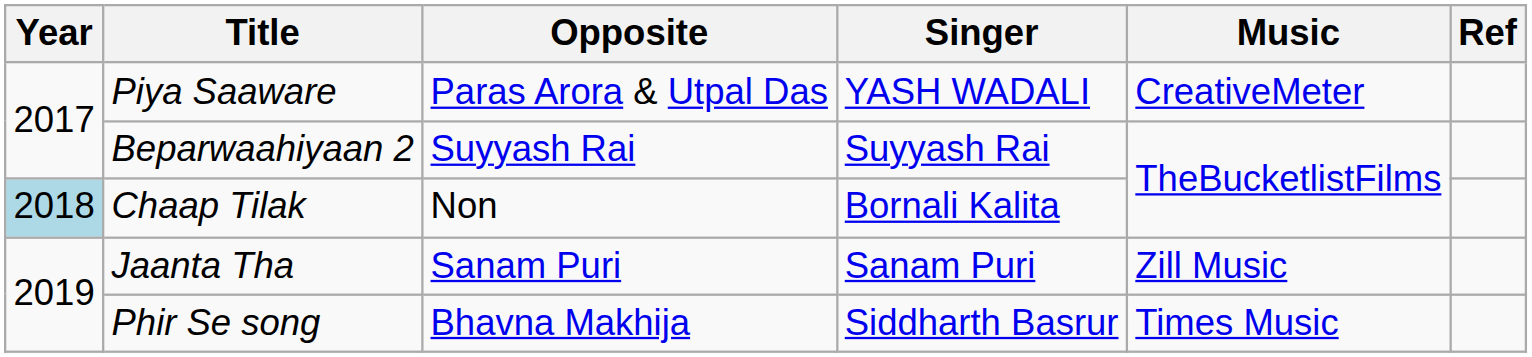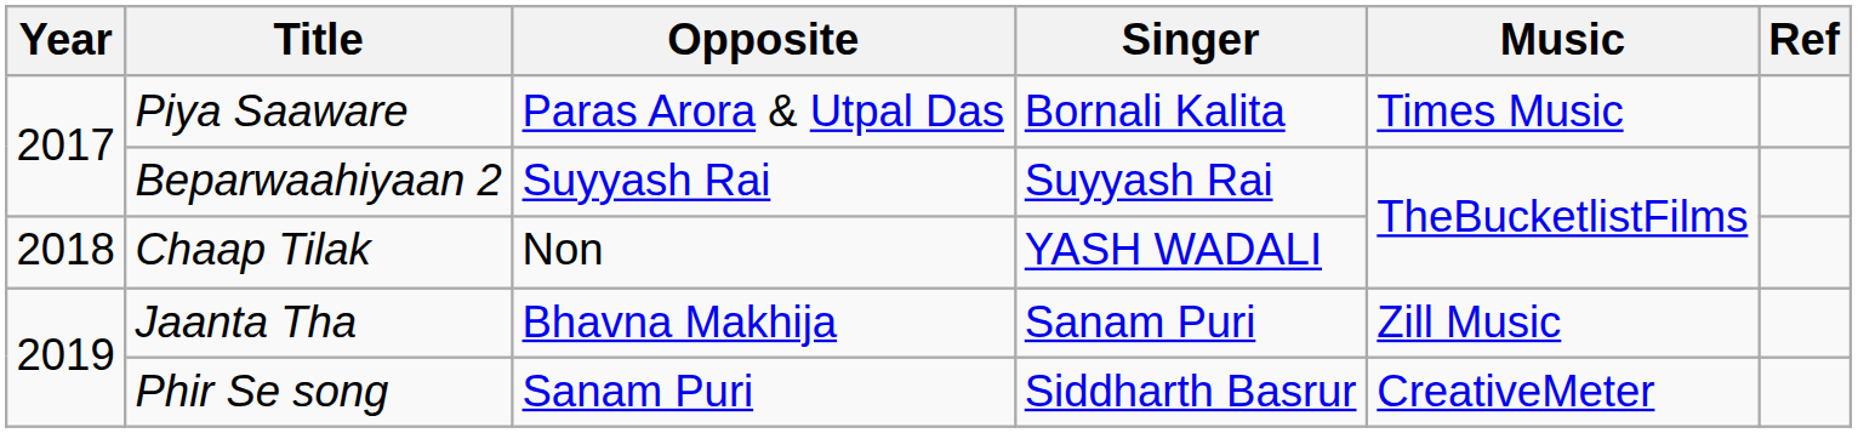 <table class="wikitable">
 <tr>
 <th>Year</th>
 <th>Title</th>
 <th>Opposite</th>
 <th>Singer</th>
 <th>Music</th>
 <th>Ref</th>
 </tr>
 <tr>
 <td rowspan="2">2017</td>
 <td><em>Piya Saaware</em></td>
 <td><a href='#'>Paras Arora</a> & <a href='#'>Utpal Das</a></td>
-<td><a href='#'>YASH WADALI</a></td>
-<td><a href='#'>CreativeMeter</a></td>
+<td><a href='#'>Bornali Kalita</a></td>
+<td><a href='#'>Times Music</a></td>
 <td></td>
 </tr>
 <tr>
 <td><em>Beparwaahiyaan 2</em></td>
 <td><a href='#'>Suyyash Rai</a></td>
 <td><a href='#'>Suyyash Rai</a></td>
 <td rowspan="2"><a href='#'>TheBucketlistFilms</a></td>
 <td></td>
 </tr>
 <tr>
-<td style="background: lightblue;">2018</td>
+<td>2018</td>
 <td><em>Chaap Tilak</em></td>
 <td>Non</td>
-<td><a href='#'>Bornali Kalita</a></td>
+<td><a href='#'>YASH WADALI</a></td>
 <td></td>
 </tr>
 <tr>
 <td rowspan="2">2019</td>
 <td><em>Jaanta Tha</em></td>
-<td><a href='#'>Sanam Puri</a></td>
+<td><a href='#'>Bhavna Makhija</a></td>
 <td><a href='#'>Sanam Puri</a></td>
 <td><a href='#'>Zill Music</a></td>
 <td></td>
 </tr>
 <tr>
 <td><em>Phir Se song</em></td>
-<td><a href='#'>Bhavna Makhija</a></td>
+<td><a href='#'>Sanam Puri</a></td>
 <td><a href='#'>Siddharth Basrur</a></td>
-<td><a href='#'>Times Music</a></td>
+<td><a href='#'>CreativeMeter</a></td>
 <td></td>
 </tr>
 </table>
